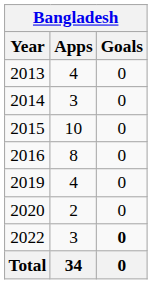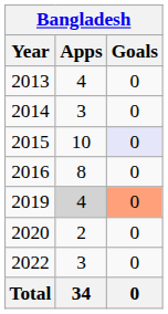 <table class="wikitable" style="text-align:center">
 <tr>
 <th colspan=3><a href='#'>Bangladesh</a></th>
 </tr>
 <tr>
 <th>Year</th>
 <th>Apps</th>
 <th>Goals</th>
 </tr>
 <tr>
 <td>2013</td>
 <td>4</td>
 <td>0</td>
 </tr>
 <tr>
 <td>2014</td>
 <td>3</td>
 <td>0</td>
 </tr>
 <tr>
 <td>2015</td>
 <td>10</td>
-<td>0</td>
+<td style="background: lavender;">0</td>
 </tr>
 <tr>
 <td>2016</td>
 <td>8</td>
 <td>0</td>
 </tr>
 <tr>
 <td>2019</td>
-<td>4</td>
-<td>0</td>
+<td style="background: lightgrey;">4</td>
+<td style="background: lightsalmon;">0</td>
 </tr>
 <tr>
 <td>2020</td>
 <td>2</td>
 <td>0</td>
 </tr>
 <tr>
 <td>2022</td>
 <td>3</td>
-<td><strong>0</strong></td>
+<td>0</td>
 </tr>
 <tr>
 <th>Total</th>
 <th>34</th>
 <th>0</th>
 </tr>
 </table>
